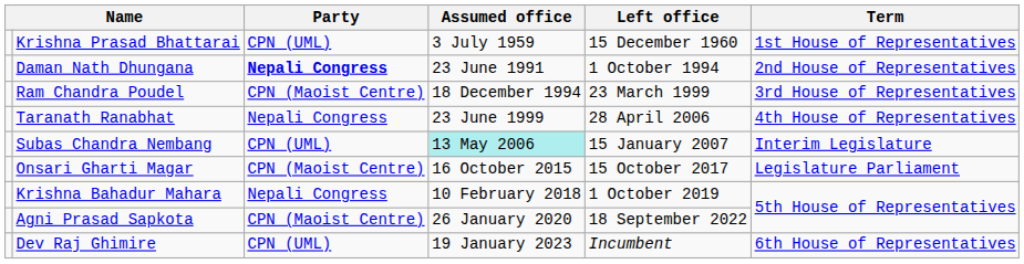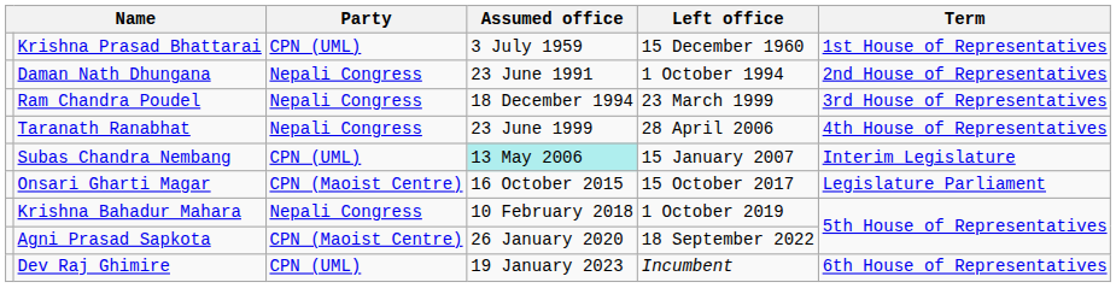 <table class="wikitable">
 <tr>
 <th colspan="2">Name</th>
 <th>Party</th>
 <th>Assumed office</th>
 <th>Left office</th>
 <th>Term</th>
 </tr>
 <tr>
 <td></td>
 <td><a href='#'>Krishna Prasad Bhattarai</a></td>
 <td><a href='#'>CPN (UML)</a></td>
 <td>3 July 1959</td>
 <td>15 December 1960</td>
 <td><a href='#'>1st House of Representatives</a></td>
 </tr>
 <tr>
 <td></td>
 <td><a href='#'>Daman Nath Dhungana</a></td>
-<td><strong><a href='#'>Nepali Congress</a></strong></td>
+<td><a href='#'>Nepali Congress</a></td>
 <td>23 June 1991</td>
 <td>1 October 1994</td>
 <td><a href='#'>2nd House of Representatives</a></td>
 </tr>
 <tr>
 <td></td>
 <td><a href='#'>Ram Chandra Poudel</a></td>
-<td><a href='#'>CPN (Maoist Centre)</a></td>
+<td><a href='#'>Nepali Congress</a></td>
 <td>18 December 1994</td>
 <td>23 March 1999</td>
 <td><a href='#'>3rd House of Representatives</a></td>
 </tr>
 <tr>
 <td></td>
 <td><a href='#'>Taranath Ranabhat</a></td>
 <td><a href='#'>Nepali Congress</a></td>
 <td>23 June 1999</td>
 <td>28 April 2006</td>
 <td><a href='#'>4th House of Representatives</a></td>
 </tr>
 <tr>
 <td></td>
 <td><a href='#'>Subas Chandra Nembang</a></td>
 <td><a href='#'>CPN (UML)</a></td>
 <td style="background: paleturquoise;">13 May 2006</td>
 <td>15 January 2007</td>
 <td><a href='#'>Interim Legislature</a></td>
 </tr>
 <tr>
 <td></td>
 <td><a href='#'>Onsari Gharti Magar</a></td>
 <td><a href='#'>CPN (Maoist Centre)</a></td>
 <td>16 October 2015</td>
 <td>15 October 2017</td>
 <td><a href='#'>Legislature Parliament</a></td>
 </tr>
 <tr>
 <td></td>
 <td><a href='#'>Krishna Bahadur Mahara</a></td>
 <td><a href='#'>Nepali Congress</a></td>
 <td>10 February 2018</td>
 <td>1 October 2019</td>
 <td rowspan="2"><a href='#'>5th House of Representatives</a></td>
 </tr>
 <tr>
 <td></td>
 <td><a href='#'>Agni Prasad Sapkota</a></td>
 <td><a href='#'>CPN (Maoist Centre)</a></td>
 <td>26 January 2020</td>
 <td>18 September 2022</td>
 </tr>
 <tr>
 <td></td>
 <td><a href='#'>Dev Raj Ghimire</a></td>
 <td><a href='#'>CPN (UML)</a></td>
 <td>19 January 2023</td>
 <td><em>Incumbent</em></td>
 <td><a href='#'>6th House of Representatives</a></td>
 </tr>
 </table>
